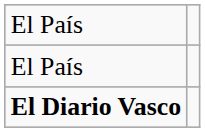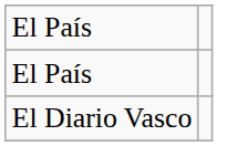 <table class="wikitable">
 <tr>
 <td>El País</td>
 <td></td>
 </tr>
 <tr>
 <td>El País</td>
 <td></td>
 </tr>
 <tr>
-<td><strong>El Diario Vasco</strong></td>
+<td>El Diario Vasco</td>
 <td></td>
 </tr>
 </table>
